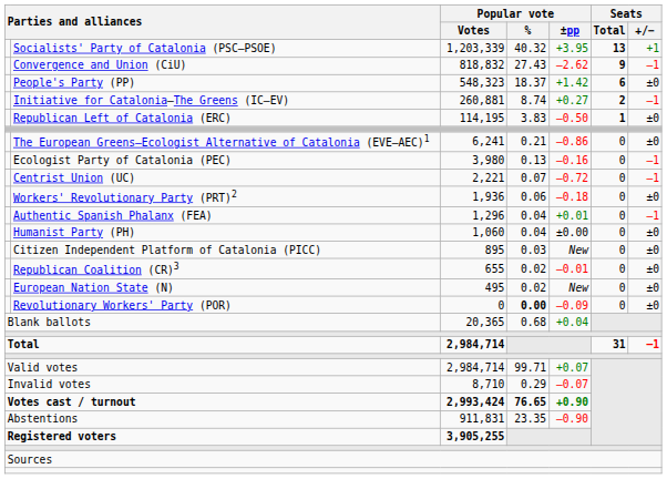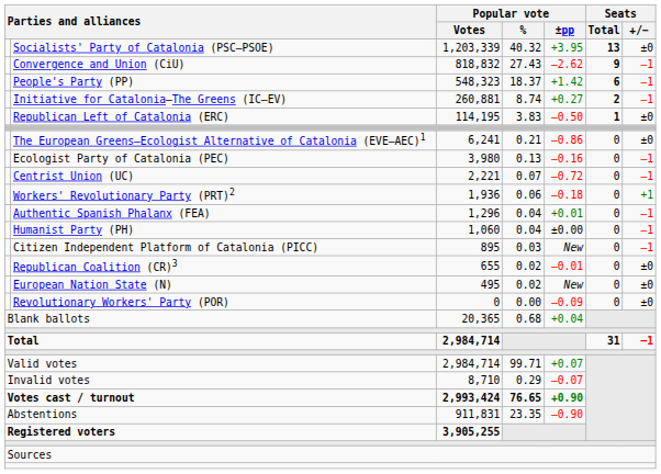 <table class="wikitable" style="text-align:right;">
 <tr>
 <th style="text-align:left;" rowspan="2" colspan="2" width="525">Parties and alliances</th>
 <th colspan="3">Popular vote</th>
 <th colspan="2">Seats</th>
 </tr>
 <tr>
 <th width="75">Votes</th>
 <th width="45">%</th>
 <th width="45">±<a href='#'>pp</a></th>
 <th width="35">Total</th>
 <th width="35">+/−</th>
 </tr>
 <tr>
 <td width="1" style="color:inherit;background:"></td>
 <td align="left"><a href='#'>Socialists' Party of Catalonia</a> (PSC–PSOE)</td>
 <td>1,203,339</td>
 <td>40.32</td>
 <td style="color:green;">+3.95</td>
 <td><strong>13</strong></td>
-<td style="color:green;">+1</td>
+<td>±0</td>
 </tr>
 <tr>
 <td style="color:inherit;background:"></td>
 <td align="left"><a href='#'>Convergence and Union</a> (CiU)</td>
 <td>818,832</td>
 <td>27.43</td>
 <td style="color:red;">–2.62</td>
 <td><strong>9</strong></td>
 <td style="color:red;">–1</td>
 </tr>
 <tr>
 <td style="color:inherit;background:"></td>
 <td align="left"><a href='#'>People's Party</a> (PP)</td>
 <td>548,323</td>
 <td>18.37</td>
 <td style="color:green;">+1.42</td>
 <td><strong>6</strong></td>
-<td>±0</td>
+<td style="color:red;">–1</td>
 </tr>
 <tr>
 <td style="color:inherit;background:"></td>
 <td align="left"><a href='#'>Initiative for Catalonia</a>–<a href='#'>The Greens</a> (IC–EV)</td>
 <td>260,881</td>
 <td>8.74</td>
 <td style="color:green;">+0.27</td>
 <td><strong>2</strong></td>
 <td style="color:red;">–1</td>
 </tr>
 <tr>
 <td style="color:inherit;background:"></td>
 <td align="left"><a href='#'>Republican Left of Catalonia</a> (ERC)</td>
 <td>114,195</td>
 <td>3.83</td>
 <td style="color:red;">–0.50</td>
 <td><strong>1</strong></td>
 <td>±0</td>
 </tr>
 <tr>
 <td colspan="7" bgcolor="#C0C0C0"></td>
 </tr>
 <tr>
 <td style="color:inherit;background:"></td>
 <td align="left"><a href='#'>The European Greens–Ecologist Alternative of Catalonia</a> (EVE–AEC)<sup>1</sup></td>
 <td>6,241</td>
 <td>0.21</td>
 <td style="color:red;">–0.86</td>
 <td>0</td>
 <td>±0</td>
 </tr>
 <tr>
 <td style="color:inherit;background:"></td>
 <td align="left">Ecologist Party of Catalonia (PEC)</td>
 <td>3,980</td>
 <td>0.13</td>
 <td style="color:red;">–0.16</td>
 <td>0</td>
 <td style="color:red;">–1</td>
 </tr>
 <tr>
 <td style="color:inherit;background:"></td>
 <td align="left"><a href='#'>Centrist Union</a> (UC)</td>
 <td>2,221</td>
 <td>0.07</td>
 <td style="color:red;">–0.72</td>
 <td>0</td>
 <td style="color:red;">–1</td>
 </tr>
 <tr>
 <td style="color:inherit;background:"></td>
 <td align="left"><a href='#'>Workers' Revolutionary Party</a> (PRT)<sup>2</sup></td>
 <td>1,936</td>
 <td>0.06</td>
 <td style="color:red;">–0.18</td>
 <td>0</td>
-<td>±0</td>
+<td style="color:green;">+1</td>
 </tr>
 <tr>
 <td style="color:inherit;background:"></td>
 <td align="left"><a href='#'>Authentic Spanish Phalanx</a> (FEA)</td>
 <td>1,296</td>
 <td>0.04</td>
 <td style="color:green;">+0.01</td>
 <td>0</td>
 <td style="color:red;">–1</td>
 </tr>
 <tr>
 <td style="color:inherit;background:"></td>
 <td align="left"><a href='#'>Humanist Party</a> (PH)</td>
 <td>1,060</td>
 <td>0.04</td>
 <td>±0.00</td>
 <td>0</td>
-<td>±0</td>
+<td style="color:red;">–1</td>
 </tr>
 <tr>
 <td style="color:inherit;background:"></td>
 <td align="left">Citizen Independent Platform of Catalonia (PICC)</td>
 <td>895</td>
 <td>0.03</td>
 <td><em>New</em></td>
 <td>0</td>
-<td>±0</td>
+<td style="color:red;">–1</td>
 </tr>
 <tr>
 <td style="color:inherit;background:"></td>
 <td align="left"><a href='#'>Republican Coalition</a> (CR)<sup>3</sup></td>
 <td>655</td>
 <td>0.02</td>
 <td style="color:red;">–0.01</td>
 <td>0</td>
 <td>±0</td>
 </tr>
 <tr>
 <td style="color:inherit;background:"></td>
 <td align="left"><a href='#'>European Nation State</a> (N)</td>
 <td>495</td>
 <td>0.02</td>
 <td><em>New</em></td>
 <td>0</td>
 <td>±0</td>
 </tr>
 <tr>
 <td style="color:inherit;background:"></td>
 <td align="left"><a href='#'>Revolutionary Workers' Party</a> (POR)</td>
 <td>0</td>
-<td><strong>0.00</strong></td>
+<td>0.00</td>
 <td style="color:red;">–0.09</td>
 <td>0</td>
 <td>±0</td>
 </tr>
 <tr>
 <td align="left" colspan="2">Blank ballots</td>
 <td>20,365</td>
 <td>0.68</td>
 <td style="color:green;">+0.04</td>
 <td bgcolor="#E9E9E9" colspan="2"></td>
 </tr>
 <tr>
 <td colspan="7" bgcolor="#E9E9E9"></td>
 </tr>
 <tr style="font-weight:bold;">
 <td align="left" colspan="2">Total</td>
 <td>2,984,714</td>
 <td bgcolor="#E9E9E9" colspan="2"></td>
 <td>31</td>
 <td style="color:red;">–1</td>
 </tr>
 <tr>
 <td colspan="7" bgcolor="#E9E9E9"></td>
 </tr>
 <tr>
 <td align="left" colspan="2">Valid votes</td>
 <td>2,984,714</td>
 <td>99.71</td>
 <td style="color:green;">+0.07</td>
 <td bgcolor="#E9E9E9" colspan="2" rowspan="5"></td>
 </tr>
 <tr>
 <td align="left" colspan="2">Invalid votes</td>
 <td>8,710</td>
 <td>0.29</td>
 <td style="color:red;">–0.07</td>
 </tr>
 <tr style="font-weight:bold;">
 <td align="left" colspan="2">Votes cast / turnout</td>
 <td>2,993,424</td>
 <td>76.65</td>
 <td style="color:green;">+0.90</td>
 </tr>
 <tr>
 <td align="left" colspan="2">Abstentions</td>
 <td>911,831</td>
 <td>23.35</td>
 <td style="color:red;">–0.90</td>
 </tr>
 <tr style="font-weight:bold;">
 <td align="left" colspan="2">Registered voters</td>
 <td>3,905,255</td>
 <td bgcolor="#E9E9E9" colspan="2"></td>
 </tr>
 <tr>
 <td colspan="7" bgcolor="#E9E9E9"></td>
 </tr>
 <tr>
 <td align="left" colspan="7">Sources</td>
 </tr>
 <tr>
 <td colspan="7" style="text-align:left; max-width:790px;"></td>
 </tr>
 </table>
